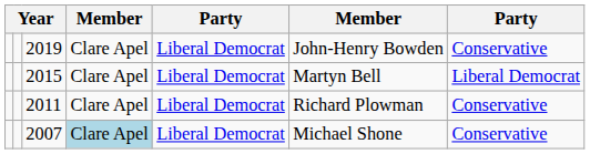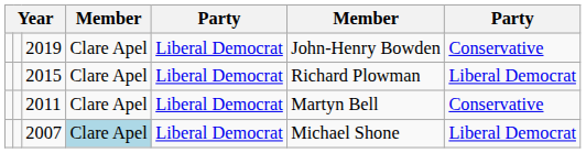 <table class="wikitable">
 <tr>
 <th colspan="3">Year</th>
 <th>Member</th>
 <th>Party</th>
 <th>Member</th>
 <th>Party</th>
 </tr>
 <tr>
 <td style="background-color: "></td>
 <td style="background-color: "></td>
 <td>2019</td>
 <td>Clare Apel</td>
 <td><a href='#'>Liberal Democrat</a></td>
 <td>John-Henry Bowden</td>
 <td><a href='#'>Conservative</a></td>
 </tr>
 <tr>
 <td style="background-color: "></td>
 <td style="background-color: "></td>
 <td>2015</td>
 <td>Clare Apel</td>
 <td><a href='#'>Liberal Democrat</a></td>
-<td>Martyn Bell</td>
+<td>Richard Plowman</td>
 <td><a href='#'>Liberal Democrat</a></td>
 </tr>
 <tr>
 <td style="background-color: "></td>
 <td style="background-color: "></td>
 <td>2011</td>
 <td>Clare Apel</td>
 <td><a href='#'>Liberal Democrat</a></td>
-<td>Richard Plowman</td>
+<td>Martyn Bell</td>
 <td><a href='#'>Conservative</a></td>
 </tr>
 <tr>
 <td style="background-color: "></td>
 <td style="background-color: "></td>
 <td>2007</td>
 <td style="background: lightblue;">Clare Apel</td>
 <td><a href='#'>Liberal Democrat</a></td>
 <td>Michael Shone</td>
-<td><a href='#'>Conservative</a></td>
+<td><a href='#'>Liberal Democrat</a></td>
 </tr>
 </table>
